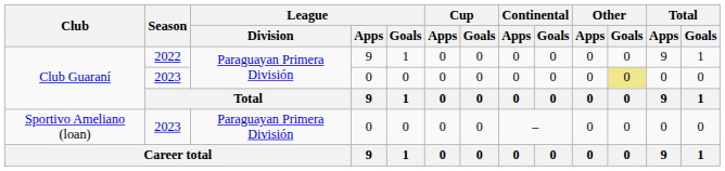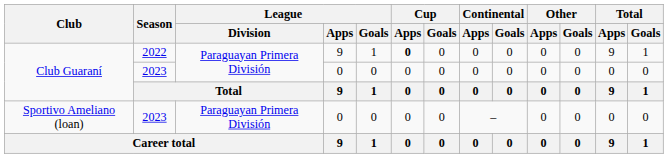 <table class="wikitable" style="text-align: center">
 <tr>
 <th rowspan="2">Club</th>
 <th rowspan="2">Season</th>
 <th colspan="3">League</th>
 <th colspan="2">Cup</th>
 <th colspan="2">Continental</th>
 <th colspan="2">Other</th>
 <th colspan="2">Total</th>
 </tr>
 <tr>
 <th>Division</th>
 <th>Apps</th>
 <th>Goals</th>
 <th>Apps</th>
 <th>Goals</th>
 <th>Apps</th>
 <th>Goals</th>
 <th>Apps</th>
 <th>Goals</th>
 <th>Apps</th>
 <th>Goals</th>
 </tr>
 <tr>
 <td rowspan="3"><a href='#'>Club Guaraní</a></td>
 <td><a href='#'>2022</a></td>
 <td rowspan="2"><a href='#'>Paraguayan Primera División</a></td>
 <td>9</td>
 <td>1</td>
-<td>0</td>
+<td><strong>0</strong></td>
 <td>0</td>
 <td>0</td>
 <td>0</td>
 <td>0</td>
 <td>0</td>
 <td>9</td>
 <td>1</td>
 </tr>
 <tr>
 <td><a href='#'>2023</a></td>
 <td>0</td>
 <td>0</td>
 <td>0</td>
 <td>0</td>
 <td>0</td>
 <td>0</td>
 <td>0</td>
-<td style="background: khaki;">0</td>
+<td>0</td>
 <td>0</td>
 <td>0</td>
 </tr>
 <tr>
 <th colspan="2"><strong>Total</strong></th>
 <th>9</th>
 <th>1</th>
 <th>0</th>
 <th>0</th>
 <th>0</th>
 <th>0</th>
 <th>0</th>
 <th>0</th>
 <th>9</th>
 <th>1</th>
 </tr>
 <tr>
 <td><a href='#'>Sportivo Ameliano</a> (loan)</td>
 <td><a href='#'>2023</a></td>
 <td><a href='#'>Paraguayan Primera División</a></td>
 <td>0</td>
 <td>0</td>
 <td>0</td>
 <td>0</td>
 <td colspan="2">–</td>
 <td>0</td>
 <td>0</td>
 <td>0</td>
 <td>0</td>
 </tr>
 <tr>
 <th colspan="3"><strong>Career total</strong></th>
 <th>9</th>
 <th>1</th>
 <th>0</th>
 <th>0</th>
 <th>0</th>
 <th>0</th>
 <th>0</th>
 <th>0</th>
 <th>9</th>
 <th>1</th>
 </tr>
 </table>
